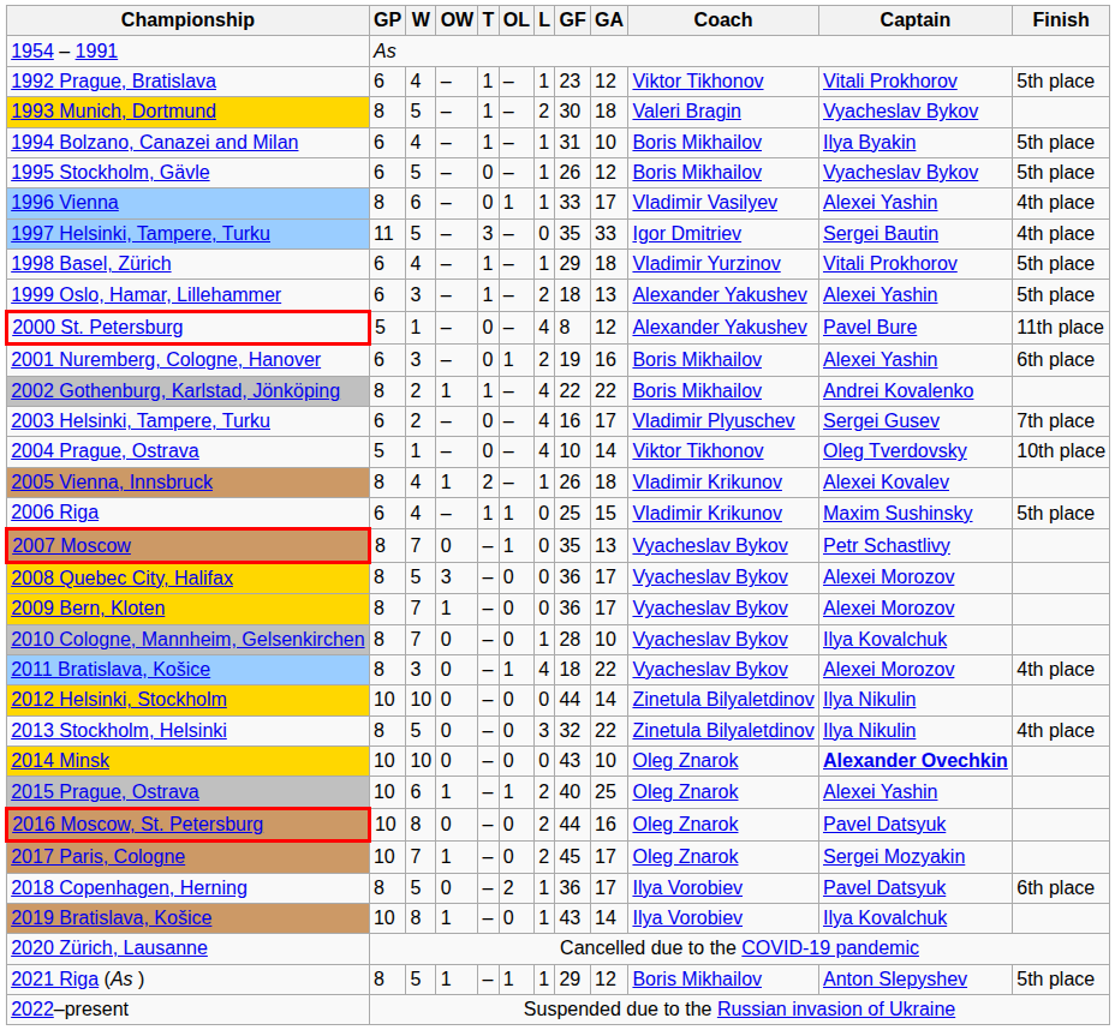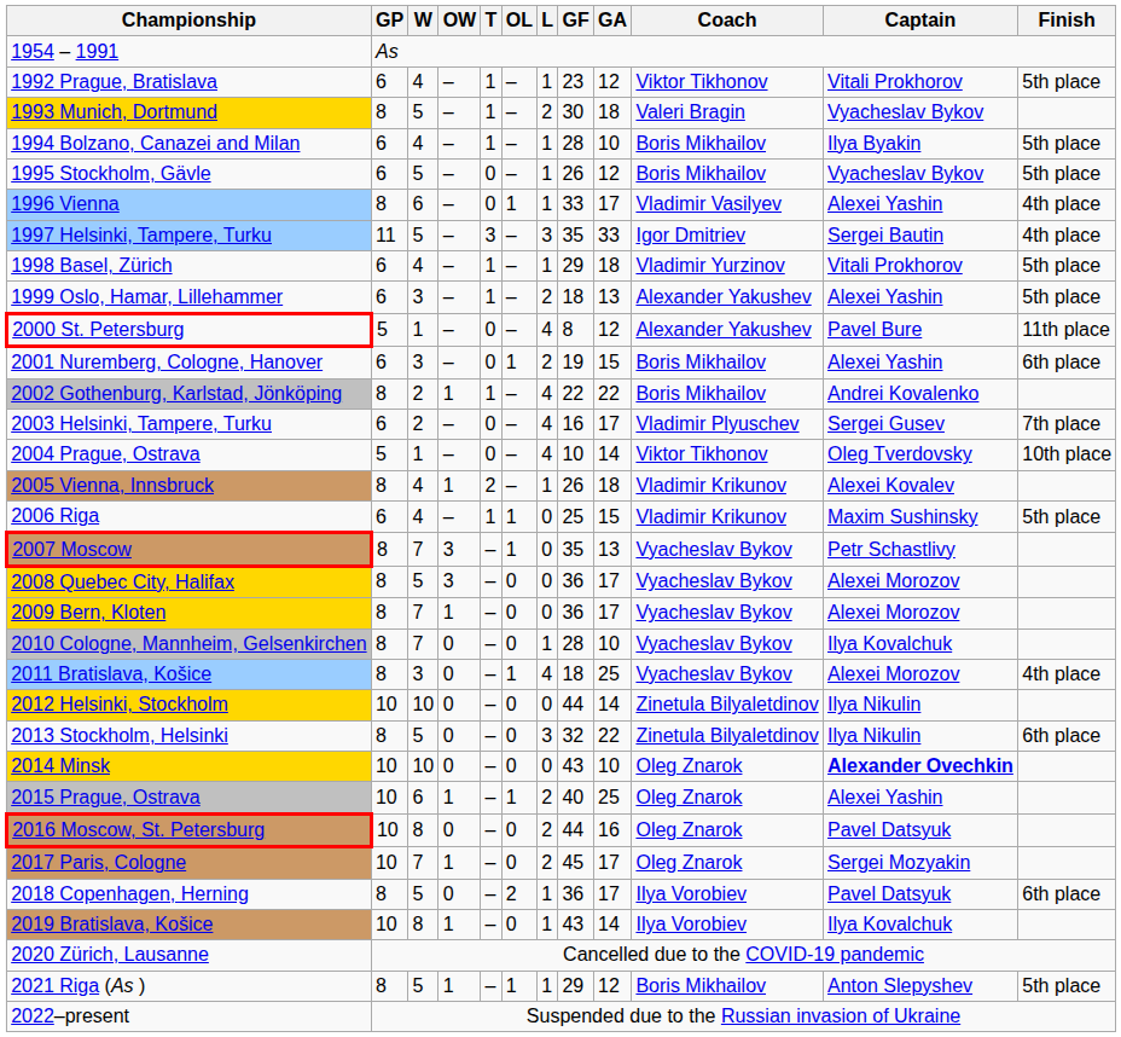 <table class="wikitable sortable">
 <tr>
 <th>Championship</th>
 <th>GP</th>
 <th>W</th>
 <th>OW</th>
 <th>T</th>
 <th>OL</th>
 <th>L</th>
 <th>GF</th>
 <th>GA</th>
 <th>Coach</th>
 <th>Captain</th>
 <th>Finish</th>
 </tr>
 <tr>
 <td><a href='#'>1954</a> – <a href='#'>1991</a></td>
 <td colspan=11><em>As </em></td>
 </tr>
 <tr>
 <td> <a href='#'>1992 Prague, Bratislava</a></td>
 <td>6</td>
 <td>4</td>
 <td>–</td>
 <td>1</td>
 <td>–</td>
 <td>1</td>
 <td>23</td>
 <td>12</td>
 <td><a href='#'>Viktor Tikhonov</a></td>
 <td><a href='#'>Vitali Prokhorov</a></td>
 <td>5th place</td>
 </tr>
 <tr>
 <td bgcolor=gold> <a href='#'>1993 Munich, Dortmund</a></td>
 <td>8</td>
 <td>5</td>
 <td>–</td>
 <td>1</td>
 <td>–</td>
 <td>2</td>
 <td>30</td>
 <td>18</td>
 <td><a href='#'>Valeri Bragin</a></td>
 <td><a href='#'>Vyacheslav Bykov</a></td>
 <td></td>
 </tr>
 <tr>
 <td> <a href='#'>1994 Bolzano, Canazei and Milan</a></td>
 <td>6</td>
 <td>4</td>
 <td>–</td>
 <td>1</td>
 <td>–</td>
 <td>1</td>
-<td>31</td>
+<td>28</td>
 <td>10</td>
 <td><a href='#'>Boris Mikhailov</a></td>
 <td><a href='#'>Ilya Byakin</a></td>
 <td>5th place</td>
 </tr>
 <tr>
 <td> <a href='#'>1995 Stockholm, Gävle</a></td>
 <td>6</td>
 <td>5</td>
 <td>–</td>
 <td>0</td>
 <td>–</td>
 <td>1</td>
 <td>26</td>
 <td>12</td>
 <td><a href='#'>Boris Mikhailov</a></td>
 <td><a href='#'>Vyacheslav Bykov</a></td>
 <td>5th place</td>
 </tr>
 <tr>
 <td style="background:#9acdff;"> <a href='#'>1996 Vienna</a></td>
 <td>8</td>
 <td>6</td>
 <td>–</td>
 <td>0</td>
 <td>1</td>
 <td>1</td>
 <td>33</td>
 <td>17</td>
 <td><a href='#'>Vladimir Vasilyev</a></td>
 <td><a href='#'>Alexei Yashin</a></td>
 <td>4th place</td>
 </tr>
 <tr>
 <td style="background:#9acdff;"> <a href='#'>1997 Helsinki, Tampere, Turku</a></td>
 <td>11</td>
 <td>5</td>
 <td>–</td>
 <td>3</td>
 <td>–</td>
-<td>0</td>
+<td>3</td>
 <td>35</td>
 <td>33</td>
 <td><a href='#'>Igor Dmitriev</a></td>
 <td><a href='#'>Sergei Bautin</a></td>
 <td>4th place</td>
 </tr>
 <tr>
 <td> <a href='#'>1998 Basel, Zürich</a></td>
 <td>6</td>
 <td>4</td>
 <td>–</td>
 <td>1</td>
 <td>–</td>
 <td>1</td>
 <td>29</td>
 <td>18</td>
 <td><a href='#'>Vladimir Yurzinov</a></td>
 <td><a href='#'>Vitali Prokhorov</a></td>
 <td>5th place</td>
 </tr>
 <tr>
 <td> <a href='#'>1999 Oslo, Hamar, Lillehammer</a></td>
 <td>6</td>
 <td>3</td>
 <td>–</td>
 <td>1</td>
 <td>–</td>
 <td>2</td>
 <td>18</td>
 <td>13</td>
 <td><a href='#'>Alexander Yakushev</a></td>
 <td><a href='#'>Alexei Yashin</a></td>
 <td>5th place</td>
 </tr>
 <tr>
 <td style="border:3px solid red;"> <a href='#'>2000 St. Petersburg</a></td>
 <td>5</td>
 <td>1</td>
 <td>–</td>
 <td>0</td>
 <td>–</td>
 <td>4</td>
 <td>8</td>
 <td>12</td>
 <td><a href='#'>Alexander Yakushev</a></td>
 <td><a href='#'>Pavel Bure</a></td>
 <td>11th place</td>
 </tr>
 <tr>
 <td> <a href='#'>2001 Nuremberg, Cologne, Hanover</a></td>
 <td>6</td>
 <td>3</td>
 <td>–</td>
 <td>0</td>
 <td>1</td>
 <td>2</td>
 <td>19</td>
-<td>16</td>
+<td>15</td>
 <td><a href='#'>Boris Mikhailov</a></td>
 <td><a href='#'>Alexei Yashin</a></td>
 <td>6th place</td>
 </tr>
 <tr>
 <td style="background:silver;"> <a href='#'>2002 Gothenburg, Karlstad, Jönköping</a></td>
 <td>8</td>
 <td>2</td>
 <td>1</td>
 <td>1</td>
 <td>–</td>
 <td>4</td>
 <td>22</td>
 <td>22</td>
 <td><a href='#'>Boris Mikhailov</a></td>
 <td><a href='#'>Andrei Kovalenko</a></td>
 <td></td>
 </tr>
 <tr>
 <td> <a href='#'>2003 Helsinki, Tampere, Turku</a></td>
 <td>6</td>
 <td>2</td>
 <td>–</td>
 <td>0</td>
 <td>–</td>
 <td>4</td>
 <td>16</td>
 <td>17</td>
 <td><a href='#'>Vladimir Plyuschev</a></td>
 <td><a href='#'>Sergei Gusev</a></td>
 <td>7th place</td>
 </tr>
 <tr>
 <td> <a href='#'>2004 Prague, Ostrava</a></td>
 <td>5</td>
 <td>1</td>
 <td>–</td>
 <td>0</td>
 <td>–</td>
 <td>4</td>
 <td>10</td>
 <td>14</td>
 <td><a href='#'>Viktor Tikhonov</a></td>
 <td><a href='#'>Oleg Tverdovsky</a></td>
 <td>10th place</td>
 </tr>
 <tr>
 <td style="background:#c96;"> <a href='#'>2005 Vienna, Innsbruck</a></td>
 <td>8</td>
 <td>4</td>
 <td>1</td>
 <td>2</td>
 <td>–</td>
 <td>1</td>
 <td>26</td>
 <td>18</td>
 <td><a href='#'>Vladimir Krikunov</a></td>
 <td><a href='#'>Alexei Kovalev</a></td>
 <td></td>
 </tr>
 <tr>
 <td> <a href='#'>2006 Riga</a></td>
 <td>6</td>
 <td>4</td>
 <td>–</td>
 <td>1</td>
 <td>1</td>
 <td>0</td>
 <td>25</td>
 <td>15</td>
 <td><a href='#'>Vladimir Krikunov</a></td>
 <td><a href='#'>Maxim Sushinsky</a></td>
 <td>5th place</td>
 </tr>
 <tr>
 <td bgcolor=cc9966 style="border:3px solid red;"> <a href='#'>2007 Moscow</a></td>
 <td>8</td>
 <td>7</td>
-<td>0</td>
+<td>3</td>
 <td>–</td>
 <td>1</td>
 <td>0</td>
 <td>35</td>
 <td>13</td>
 <td><a href='#'>Vyacheslav Bykov</a></td>
 <td><a href='#'>Petr Schastlivy</a></td>
 <td></td>
 </tr>
 <tr>
 <td bgcolor=gold> <a href='#'>2008 Quebec City, Halifax</a></td>
 <td>8</td>
 <td>5</td>
 <td>3</td>
 <td>–</td>
 <td>0</td>
 <td>0</td>
 <td>36</td>
 <td>17</td>
 <td><a href='#'>Vyacheslav Bykov</a></td>
 <td><a href='#'>Alexei Morozov</a></td>
 <td></td>
 </tr>
 <tr>
 <td bgcolor=gold> <a href='#'>2009 Bern, Kloten</a></td>
 <td>8</td>
 <td>7</td>
 <td>1</td>
 <td>–</td>
 <td>0</td>
 <td>0</td>
 <td>36</td>
 <td>17</td>
 <td><a href='#'>Vyacheslav Bykov</a></td>
 <td><a href='#'>Alexei Morozov</a></td>
 <td></td>
 </tr>
 <tr>
 <td style="background:silver;"> <a href='#'>2010 Cologne, Mannheim, Gelsenkirchen</a></td>
 <td>8</td>
 <td>7</td>
 <td>0</td>
 <td>–</td>
 <td>0</td>
 <td>1</td>
 <td>28</td>
 <td>10</td>
 <td><a href='#'>Vyacheslav Bykov</a></td>
 <td><a href='#'>Ilya Kovalchuk</a></td>
 <td></td>
 </tr>
 <tr>
 <td style="background:#9acdff;"> <a href='#'>2011 Bratislava, Košice</a></td>
 <td>8</td>
 <td>3</td>
 <td>0</td>
 <td>–</td>
 <td>1</td>
 <td>4</td>
 <td>18</td>
-<td>22</td>
+<td>25</td>
 <td><a href='#'>Vyacheslav Bykov</a></td>
 <td><a href='#'>Alexei Morozov</a></td>
 <td>4th place</td>
 </tr>
 <tr>
 <td bgcolor=gold>  <a href='#'>2012 Helsinki, Stockholm</a></td>
 <td>10</td>
 <td>10</td>
 <td>0</td>
 <td>–</td>
 <td>0</td>
 <td>0</td>
 <td>44</td>
 <td>14</td>
 <td><a href='#'>Zinetula Bilyaletdinov</a></td>
 <td><a href='#'>Ilya Nikulin</a></td>
 <td></td>
 </tr>
 <tr>
 <td>  <a href='#'>2013 Stockholm, Helsinki</a></td>
 <td>8</td>
 <td>5</td>
 <td>0</td>
 <td>–</td>
 <td>0</td>
 <td>3</td>
 <td>32</td>
 <td>22</td>
 <td><a href='#'>Zinetula Bilyaletdinov</a></td>
 <td><a href='#'>Ilya Nikulin</a></td>
-<td>4th place</td>
+<td>6th place</td>
 </tr>
 <tr>
 <td bgcolor=gold> <a href='#'>2014 Minsk</a></td>
 <td>10</td>
 <td>10</td>
 <td>0</td>
 <td>–</td>
 <td>0</td>
 <td>0</td>
 <td>43</td>
 <td>10</td>
 <td><a href='#'>Oleg Znarok</a></td>
 <td><strong><a href='#'>Alexander Ovechkin</a></strong></td>
 <td></td>
 </tr>
 <tr>
 <td style="background:silver;"> <a href='#'>2015 Prague, Ostrava</a></td>
 <td>10</td>
 <td>6</td>
 <td>1</td>
 <td>–</td>
 <td>1</td>
 <td>2</td>
 <td>40</td>
 <td>25</td>
 <td><a href='#'>Oleg Znarok</a></td>
 <td><a href='#'>Alexei Yashin</a></td>
 <td></td>
 </tr>
 <tr>
 <td bgcolor=cc9966 style="border:3px solid red;"> <a href='#'>2016 Moscow, St. Petersburg</a></td>
 <td>10</td>
 <td>8</td>
 <td>0</td>
 <td>–</td>
 <td>0</td>
 <td>2</td>
 <td>44</td>
 <td>16</td>
 <td><a href='#'>Oleg Znarok</a></td>
 <td><a href='#'>Pavel Datsyuk</a></td>
 <td></td>
 </tr>
 <tr>
 <td bgcolor=cc9966>  <a href='#'>2017 Paris, Cologne</a></td>
 <td>10</td>
 <td>7</td>
 <td>1</td>
 <td>–</td>
 <td>0</td>
 <td>2</td>
 <td>45</td>
 <td>17</td>
 <td><a href='#'>Oleg Znarok</a></td>
 <td><a href='#'>Sergei Mozyakin</a></td>
 <td></td>
 </tr>
 <tr>
 <td> <a href='#'>2018 Copenhagen, Herning</a></td>
 <td>8</td>
 <td>5</td>
 <td>0</td>
 <td>–</td>
 <td>2</td>
 <td>1</td>
 <td>36</td>
 <td>17</td>
 <td><a href='#'>Ilya Vorobiev</a></td>
 <td><a href='#'>Pavel Datsyuk</a></td>
 <td>6th place</td>
 </tr>
 <tr>
 <td bgcolor=cc9966> <a href='#'>2019 Bratislava, Košice</a></td>
 <td>10</td>
 <td>8</td>
 <td>1</td>
 <td>–</td>
 <td>0</td>
 <td>1</td>
 <td>43</td>
 <td>14</td>
 <td><a href='#'>Ilya Vorobiev</a></td>
 <td><a href='#'>Ilya Kovalchuk</a></td>
 <td></td>
 </tr>
 <tr>
 <td> <a href='#'>2020 Zürich, Lausanne</a></td>
 <td colspan=12 align=center>Cancelled due to the <a href='#'>COVID-19 pandemic</a></td>
 </tr>
 <tr>
 <td rowspan="2"> <a href='#'>2021 Riga</a> (<em>As</em> )</td>
 </tr>
 <tr>
 <td>8</td>
 <td>5</td>
 <td>1</td>
 <td>–</td>
 <td>1</td>
 <td>1</td>
 <td>29</td>
 <td>12</td>
 <td><a href='#'>Boris Mikhailov</a></td>
 <td><a href='#'>Anton Slepyshev</a></td>
 <td>5th place</td>
 </tr>
 <tr>
 <td><a href='#'>2022</a>–present</td>
 <td colspan=11 align=center>Suspended due to the <a href='#'>Russian invasion of Ukraine</a></td>
 </tr>
 <tr>
 </tr>
 </table>
